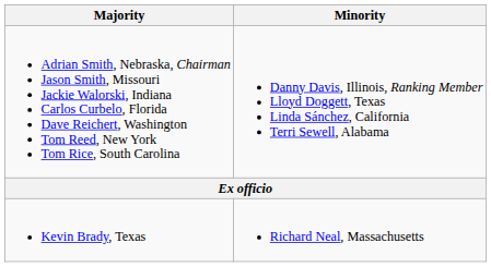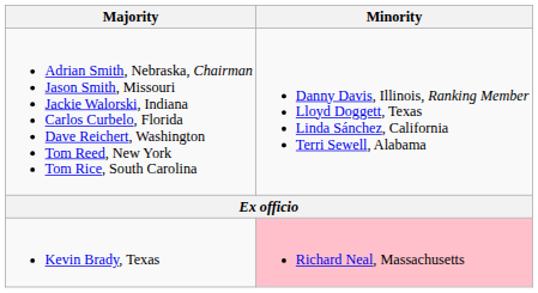 <table class=wikitable>
 <tr>
 <th>Majority</th>
 <th>Minority</th>
 </tr>
 <tr>
 <td><br><ul><li><a href='#'>Adrian Smith</a>, Nebraska, <em>Chairman</em></li><li><a href='#'>Jason Smith</a>, Missouri</li><li><a href='#'>Jackie Walorski</a>, Indiana</li><li><a href='#'>Carlos Curbelo</a>, Florida</li><li><a href='#'>Dave Reichert</a>, Washington</li><li><a href='#'>Tom Reed</a>, New York</li><li><a href='#'>Tom Rice</a>, South Carolina</li></ul></td>
 <td><br><ul><li><a href='#'>Danny Davis</a>, Illinois, <em>Ranking Member</em></li><li><a href='#'>Lloyd Doggett</a>, Texas</li><li><a href='#'>Linda Sánchez</a>, California</li><li><a href='#'>Terri Sewell</a>, Alabama</li></ul></td>
 </tr>
 <tr>
 <th colspan=2><em>Ex officio</em></th>
 </tr>
 <tr>
 <td><br><ul><li><a href='#'>Kevin Brady</a>, Texas</li></ul></td>
-<td><br><ul><li><a href='#'>Richard Neal</a>, Massachusetts</li></ul></td>
+<td style="background: pink;"><br><ul><li><a href='#'>Richard Neal</a>, Massachusetts</li></ul></td>
 </tr>
 </table>
